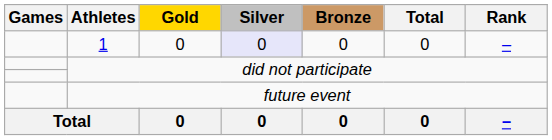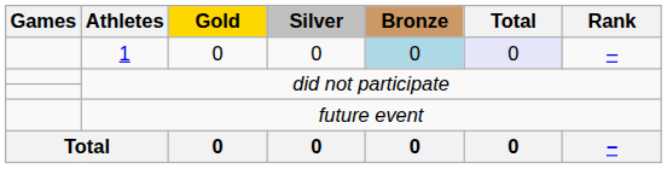 <table class="wikitable" style="text-align:center; font-size:90%;">
 <tr>
 <th>Games</th>
 <th>Athletes</th>
 <td style="background:gold; width:4.5em; font-weight:bold;">Gold</td>
 <td style="background:silver; width:4.5em; font-weight:bold;">Silver</td>
 <td style="background:#cc9966; width:4.5em; font-weight:bold;">Bronze</td>
 <th style="width:4.5em; font-weight:bold;">Total</th>
 <th style="width:4.5em; font-weight:bold;">Rank</th>
 </tr>
 <tr>
 <td align="left"></td>
 <td><a href='#'>1</a></td>
 <td>0</td>
+<td>0</td>
+<td style="background: lightblue;">0</td>
 <td style="background: lavender;">0</td>
-<td>0</td>
-<td>0</td>
 <td><a href='#'>–</a></td>
 </tr>
 <tr>
 <td align=left></td>
 <td colspan=6; rowspan=2><em>did not participate</em></td>
 </tr>
 <tr>
 <td align=left></td>
 </tr>
 <tr>
 <td align=left></td>
 <td colspan=6><em>future event</em></td>
 </tr>
 <tr>
 <th colspan=2>Total</th>
 <th>0</th>
 <th>0</th>
 <th>0</th>
 <th>0</th>
 <th><a href='#'>–</a></th>
 </tr>
 </table>
